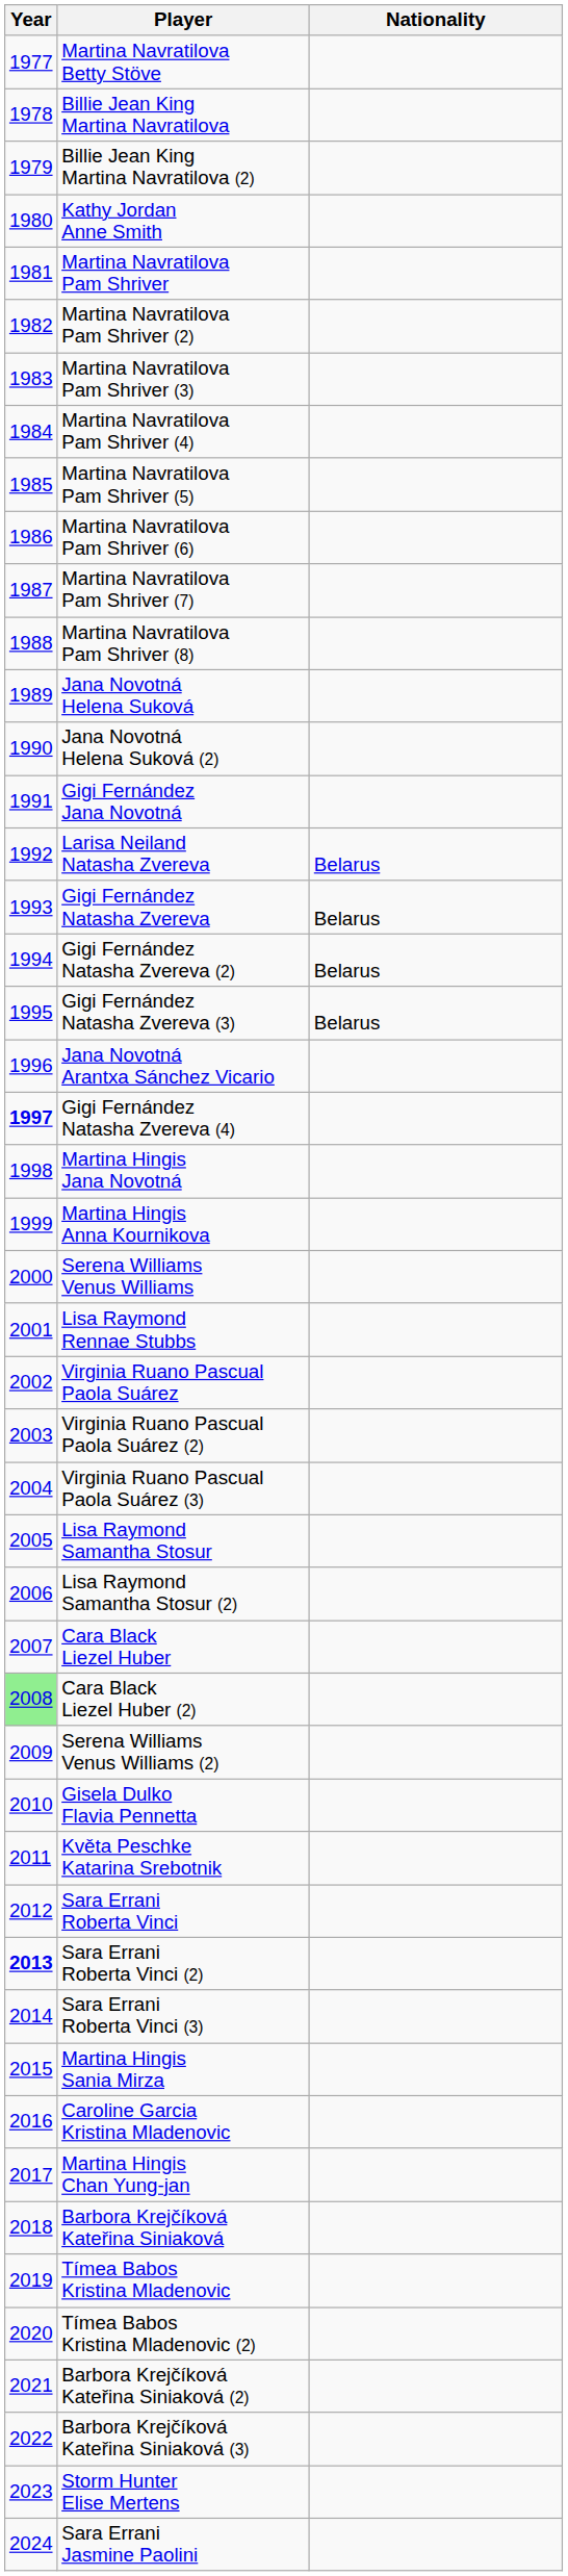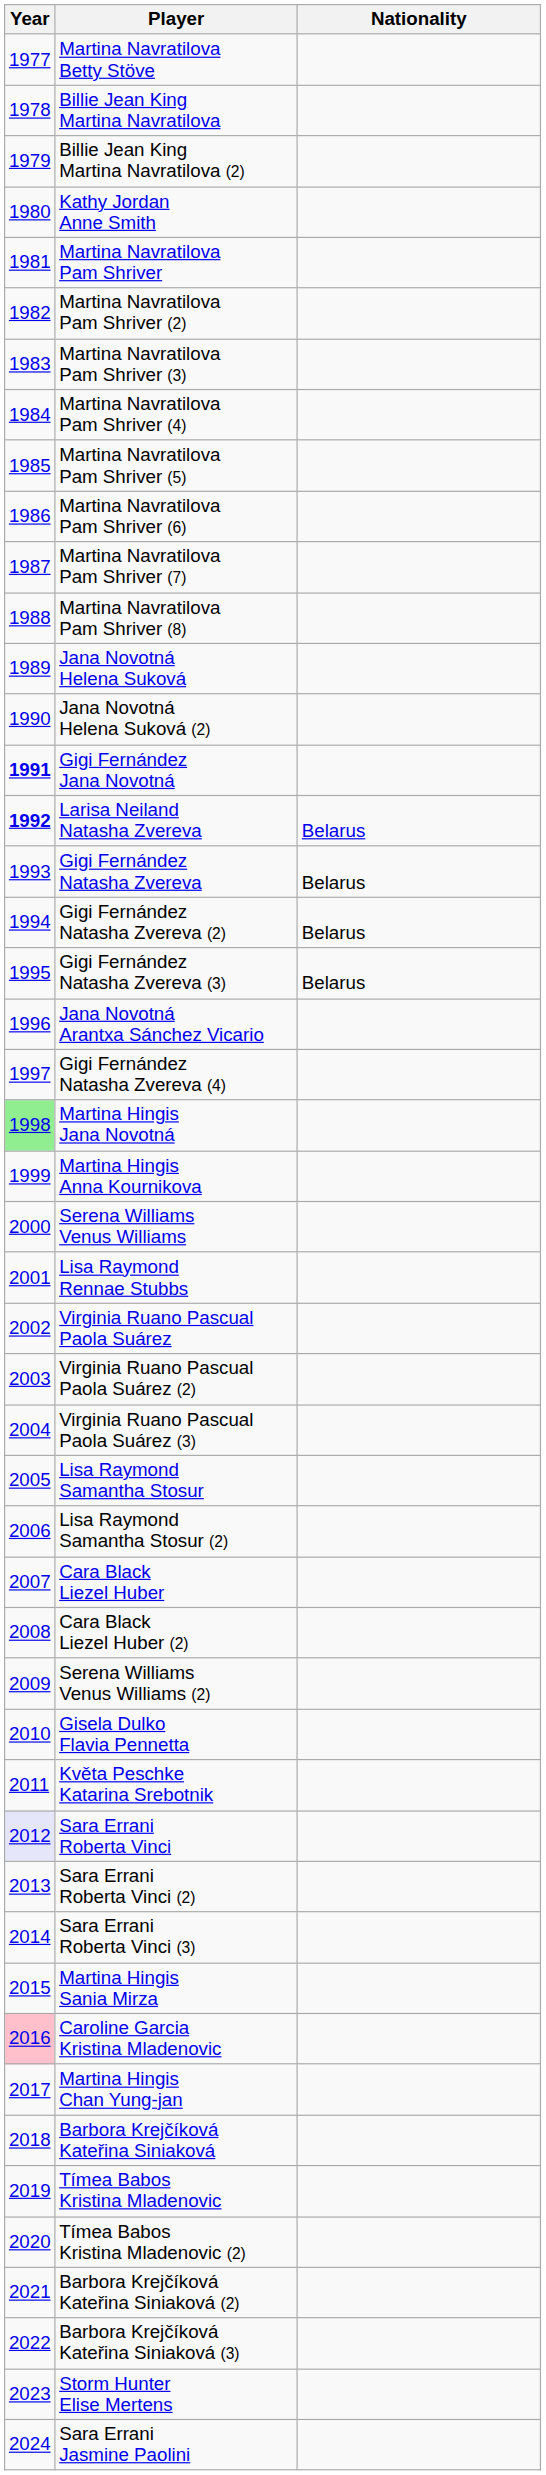 <table class="wikitable">
 <tr>
 <th>Year</th>
 <th width=200>Player</th>
 <th width=200>Nationality</th>
 </tr>
 <tr>
 <td><a href='#'>1977</a></td>
 <td><a href='#'>Martina Navratilova</a> <br>  <a href='#'>Betty Stöve</a></td>
 <td> <br> </td>
 </tr>
 <tr>
 <td><a href='#'>1978</a></td>
 <td><a href='#'>Billie Jean King</a> <br> <a href='#'>Martina Navratilova</a></td>
 <td> <br> </td>
 </tr>
 <tr>
 <td><a href='#'>1979</a></td>
 <td>Billie Jean King <br> Martina Navratilova <small>(2)</small></td>
 <td> <br> </td>
 </tr>
 <tr>
 <td><a href='#'>1980</a></td>
 <td><a href='#'>Kathy Jordan</a> <br> <a href='#'>Anne Smith</a></td>
 <td> <br> </td>
 </tr>
 <tr>
 <td><a href='#'>1981</a></td>
 <td><a href='#'>Martina Navratilova</a> <br> <a href='#'>Pam Shriver</a></td>
 <td> <br> </td>
 </tr>
 <tr>
 <td><a href='#'>1982</a></td>
 <td>Martina Navratilova <br> Pam Shriver <small>(2)</small></td>
 <td> <br> </td>
 </tr>
 <tr>
 <td><a href='#'>1983</a></td>
 <td>Martina Navratilova <br> Pam Shriver <small>(3)</small></td>
 <td> <br> </td>
 </tr>
 <tr>
 <td><a href='#'>1984</a></td>
 <td>Martina Navratilova <br> Pam Shriver <small>(4)</small></td>
 <td> <br> </td>
 </tr>
 <tr>
 <td><a href='#'>1985</a></td>
 <td>Martina Navratilova <br> Pam Shriver <small>(5)</small></td>
 <td> <br> </td>
 </tr>
 <tr>
 <td><a href='#'>1986</a></td>
 <td>Martina Navratilova <br> Pam Shriver <small>(6)</small></td>
 <td> <br> </td>
 </tr>
 <tr>
 <td><a href='#'>1987</a></td>
 <td>Martina Navratilova <br> Pam Shriver <small>(7)</small></td>
 <td> <br> </td>
 </tr>
 <tr>
 <td><a href='#'>1988</a></td>
 <td>Martina Navratilova <br> Pam Shriver <small>(8)</small></td>
 <td> <br> </td>
 </tr>
 <tr>
 <td><a href='#'>1989</a></td>
 <td><a href='#'>Jana Novotná</a> <br>  <a href='#'>Helena Suková</a></td>
 <td> <br> </td>
 </tr>
 <tr>
 <td><a href='#'>1990</a></td>
 <td>Jana Novotná <br>  Helena Suková <small>(2)</small></td>
 <td> <br> </td>
 </tr>
 <tr>
-<td><a href='#'>1991</a></td>
+<td><strong><a href='#'>1991</a></strong></td>
 <td><a href='#'>Gigi Fernández</a> <br> <a href='#'>Jana Novotná</a></td>
 <td> <br> </td>
 </tr>
 <tr>
-<td><a href='#'>1992</a></td>
+<td><strong><a href='#'>1992</a></strong></td>
 <td><a href='#'>Larisa Neiland</a> <br> <a href='#'>Natasha Zvereva</a></td>
 <td> <br>   <a href='#'>Belarus</a></td>
 </tr>
 <tr>
 <td><a href='#'>1993</a></td>
 <td><a href='#'>Gigi Fernández</a> <br> <a href='#'>Natasha Zvereva</a></td>
 <td> <br>   Belarus</td>
 </tr>
 <tr>
 <td><a href='#'>1994</a></td>
 <td>Gigi Fernández <br> Natasha Zvereva <small>(2)</small></td>
 <td> <br>   Belarus</td>
 </tr>
 <tr>
 <td><a href='#'>1995</a></td>
 <td>Gigi Fernández <br> Natasha Zvereva <small>(3)</small></td>
 <td> <br>   Belarus</td>
 </tr>
 <tr>
 <td><a href='#'>1996</a></td>
 <td><a href='#'>Jana Novotná</a> <br> <a href='#'>Arantxa Sánchez Vicario</a></td>
 <td> <br> </td>
 </tr>
 <tr>
-<td><strong><a href='#'>1997</a></strong></td>
+<td><a href='#'>1997</a></td>
 <td>Gigi Fernández <br> Natasha Zvereva <small>(4)</small></td>
 <td> <br> </td>
 </tr>
 <tr>
-<td><a href='#'>1998</a></td>
+<td style="background: lightgreen;"><a href='#'>1998</a></td>
 <td><a href='#'>Martina Hingis</a> <br> <a href='#'>Jana Novotná</a></td>
 <td> <br> </td>
 </tr>
 <tr>
 <td><a href='#'>1999</a></td>
 <td><a href='#'>Martina Hingis</a> <br> <a href='#'>Anna Kournikova</a></td>
 <td> <br> </td>
 </tr>
 <tr>
 <td><a href='#'>2000</a></td>
 <td><a href='#'>Serena Williams</a> <br> <a href='#'>Venus Williams</a></td>
 <td> <br> </td>
 </tr>
 <tr>
 <td><a href='#'>2001</a></td>
 <td><a href='#'>Lisa Raymond</a> <br> <a href='#'>Rennae Stubbs</a></td>
 <td> <br> </td>
 </tr>
 <tr>
 <td><a href='#'>2002</a></td>
 <td><a href='#'>Virginia Ruano Pascual</a> <br> <a href='#'>Paola Suárez</a></td>
 <td> <br> </td>
 </tr>
 <tr>
 <td><a href='#'>2003</a></td>
 <td>Virginia Ruano Pascual <br> Paola Suárez <small>(2)</small></td>
 <td> <br> </td>
 </tr>
 <tr>
 <td><a href='#'>2004</a></td>
 <td>Virginia Ruano Pascual <br> Paola Suárez <small>(3)</small></td>
 <td> <br> </td>
 </tr>
 <tr>
 <td><a href='#'>2005</a></td>
 <td><a href='#'>Lisa Raymond</a> <br> <a href='#'>Samantha Stosur</a></td>
 <td> <br> </td>
 </tr>
 <tr>
 <td><a href='#'>2006</a></td>
 <td>Lisa Raymond <br> Samantha Stosur <small>(2)</small></td>
 <td> <br> </td>
 </tr>
 <tr>
 <td><a href='#'>2007</a></td>
 <td><a href='#'>Cara Black</a> <br> <a href='#'>Liezel Huber</a></td>
 <td> <br> </td>
 </tr>
 <tr>
-<td style="background: lightgreen;"><a href='#'>2008</a></td>
+<td><a href='#'>2008</a></td>
 <td>Cara Black <br> Liezel Huber <small>(2)</small></td>
 <td> <br> </td>
 </tr>
 <tr>
 <td><a href='#'>2009</a></td>
 <td>Serena Williams <br> Venus Williams <small>(2)</small></td>
 <td> <br> </td>
 </tr>
 <tr>
 <td><a href='#'>2010</a></td>
 <td><a href='#'>Gisela Dulko</a> <br> <a href='#'>Flavia Pennetta</a></td>
 <td> <br> </td>
 </tr>
 <tr>
 <td><a href='#'>2011</a></td>
 <td><a href='#'>Květa Peschke</a> <br> <a href='#'>Katarina Srebotnik</a></td>
 <td> <br> </td>
 </tr>
 <tr>
-<td><a href='#'>2012</a></td>
+<td style="background: lavender;"><a href='#'>2012</a></td>
 <td><a href='#'>Sara Errani</a> <br> <a href='#'>Roberta Vinci</a></td>
 <td> <br> </td>
 </tr>
 <tr>
-<td><strong><a href='#'>2013</a></strong></td>
+<td><a href='#'>2013</a></td>
 <td>Sara Errani <br> Roberta Vinci <small>(2)</small></td>
 <td> <br> </td>
 </tr>
 <tr>
 <td><a href='#'>2014</a></td>
 <td>Sara Errani <br> Roberta Vinci <small>(3)</small></td>
 <td> <br> </td>
 </tr>
 <tr>
 <td><a href='#'>2015</a></td>
 <td><a href='#'>Martina Hingis</a> <br> <a href='#'>Sania Mirza</a></td>
 <td> <br> </td>
 </tr>
 <tr>
-<td><a href='#'>2016</a></td>
+<td style="background: pink;"><a href='#'>2016</a></td>
 <td><a href='#'>Caroline Garcia</a> <br> <a href='#'>Kristina Mladenovic</a></td>
 <td> <br> </td>
 </tr>
 <tr>
 <td><a href='#'>2017</a></td>
 <td><a href='#'>Martina Hingis</a> <br> <a href='#'>Chan Yung-jan</a></td>
 <td> <br> </td>
 </tr>
 <tr>
 <td><a href='#'>2018</a></td>
 <td><a href='#'>Barbora Krejčíková</a> <br> <a href='#'>Kateřina Siniaková</a></td>
 <td> <br> </td>
 </tr>
 <tr>
 <td><a href='#'>2019</a></td>
 <td><a href='#'>Tímea Babos</a> <br> <a href='#'>Kristina Mladenovic</a></td>
 <td> <br> </td>
 </tr>
 <tr>
 <td><a href='#'>2020</a></td>
 <td>Tímea Babos <br> Kristina Mladenovic <small>(2)</small></td>
 <td> <br> </td>
 </tr>
 <tr>
 <td><a href='#'>2021</a></td>
 <td>Barbora Krejčíková <br> Kateřina Siniaková <small>(2)</small></td>
 <td> <br> </td>
 </tr>
 <tr>
 <td><a href='#'>2022</a></td>
 <td>Barbora Krejčíková <br> Kateřina Siniaková <small>(3)</small></td>
 <td> <br> </td>
 </tr>
 <tr>
 <td><a href='#'>2023</a></td>
 <td><a href='#'>Storm Hunter</a> <br> <a href='#'>Elise Mertens</a></td>
 <td> <br> </td>
 </tr>
 <tr>
 <td><a href='#'>2024</a></td>
 <td>Sara Errani <br> <a href='#'>Jasmine Paolini</a></td>
 <td> <br> </td>
 </tr>
 </table>
